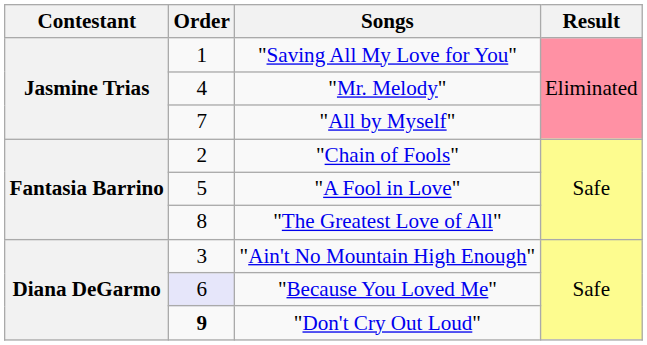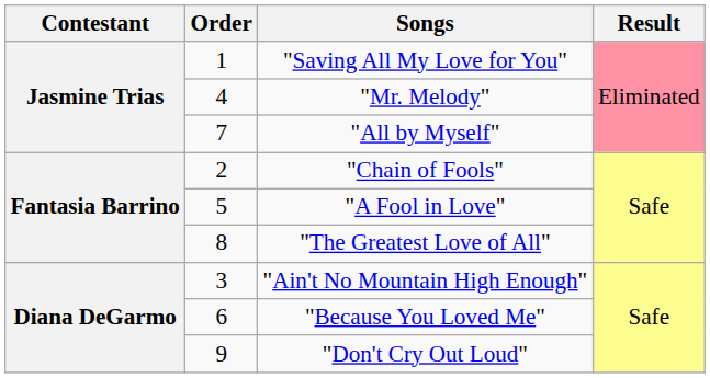 <table class="wikitable unsortable" style="text-align:center;">
 <tr>
 <th scope="col">Contestant</th>
 <th scope="col">Order</th>
 <th scope="col">Songs</th>
 <th scope="col">Result</th>
 </tr>
 <tr>
 <th rowspan="3" scope="row">Jasmine Trias</th>
 <td>1</td>
 <td>"<a href='#'>Saving All My Love for You</a>"</td>
 <td rowspan="3" bgcolor="FF91A4">Eliminated</td>
 </tr>
 <tr>
 <td>4</td>
 <td>"<a href='#'>Mr. Melody</a>"</td>
 </tr>
 <tr>
 <td>7</td>
 <td>"<a href='#'>All by Myself</a>"</td>
 </tr>
 <tr>
 <th rowspan="3" scope="row">Fantasia Barrino</th>
 <td>2</td>
 <td>"<a href='#'>Chain of Fools</a>"</td>
 <td rowspan="3" style="background:#FDFC8F;">Safe</td>
 </tr>
 <tr>
 <td>5</td>
 <td>"<a href='#'>A Fool in Love</a>"</td>
 </tr>
 <tr>
 <td>8</td>
 <td>"<a href='#'>The Greatest Love of All</a>"</td>
 </tr>
 <tr>
 <th rowspan="3" scope="row">Diana DeGarmo</th>
 <td>3</td>
 <td>"<a href='#'>Ain't No Mountain High Enough</a>"</td>
 <td rowspan="3" style="background:#FDFC8F;">Safe</td>
 </tr>
 <tr>
-<td style="background: lavender;">6</td>
+<td>6</td>
 <td>"<a href='#'>Because You Loved Me</a>"</td>
 </tr>
 <tr>
-<td><strong>9</strong></td>
+<td>9</td>
 <td>"<a href='#'>Don't Cry Out Loud</a>"</td>
 </tr>
 </table>
